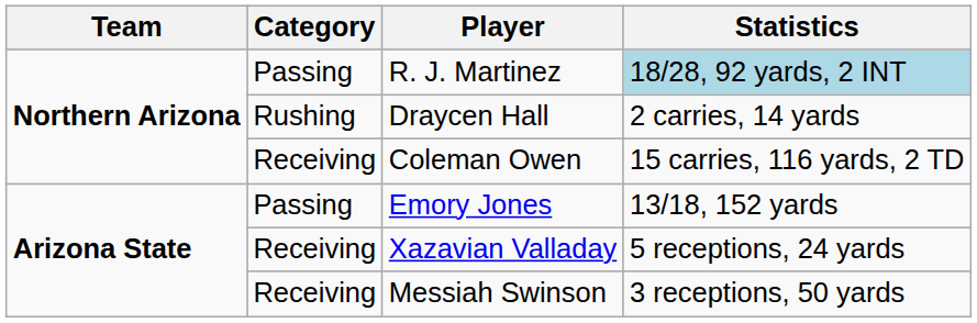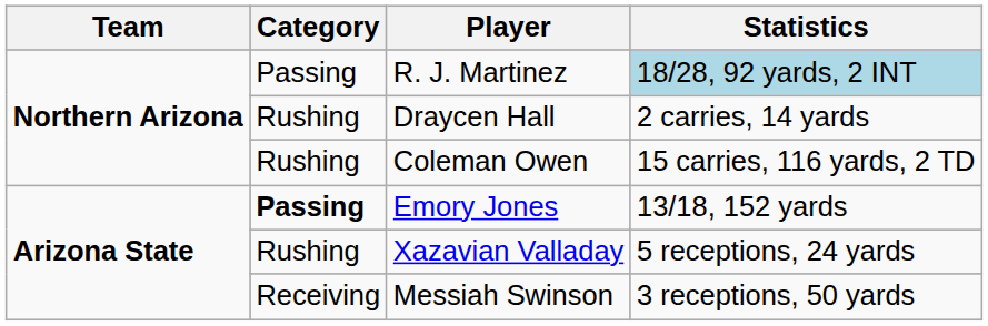 <table class="wikitable" style="float: right;">
 <tr>
 <th>Team</th>
 <th>Category</th>
 <th>Player</th>
 <th>Statistics</th>
 </tr>
 <tr>
 <td rowspan=3><strong>Northern Arizona</strong></td>
 <td>Passing</td>
 <td>R. J. Martinez</td>
 <td style="background: lightblue;">18/28, 92 yards, 2 INT</td>
 </tr>
 <tr>
 <td>Rushing</td>
 <td>Draycen Hall</td>
 <td>2 carries, 14 yards</td>
 </tr>
 <tr>
-<td>Receiving</td>
+<td>Rushing</td>
 <td>Coleman Owen</td>
 <td>15 carries, 116 yards, 2 TD</td>
 </tr>
 <tr>
 <td rowspan=3><strong>Arizona State</strong></td>
-<td>Passing</td>
+<td><strong>Passing</strong></td>
 <td><a href='#'>Emory Jones</a></td>
 <td>13/18, 152 yards</td>
 </tr>
 <tr>
-<td>Receiving</td>
+<td>Rushing</td>
 <td><a href='#'>Xazavian Valladay</a></td>
 <td>5 receptions, 24 yards</td>
 </tr>
 <tr>
 <td>Receiving</td>
 <td>Messiah Swinson</td>
 <td>3 receptions, 50 yards</td>
 </tr>
 </table>
